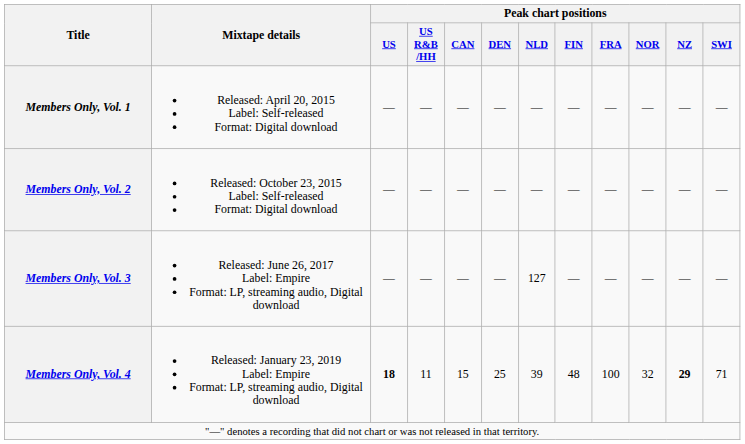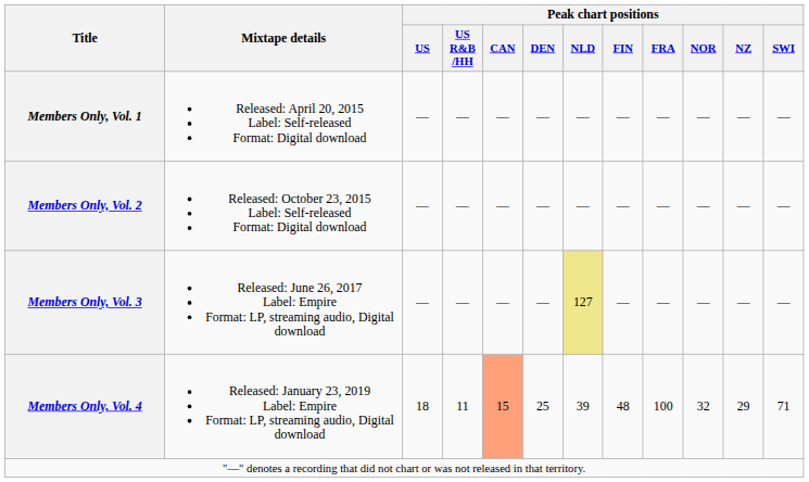 <table class="wikitable plainrowheaders" style="text-align:center;">
 <tr>
 <th scope="col" rowspan="2" style="width:12em;">Title</th>
 <th scope="col" rowspan="2" style="width:18em;">Mixtape details</th>
 <th scope="col" colspan="10">Peak chart positions</th>
 </tr>
 <tr>
 <th scope="col" style="width:3em;font-size:90%;"><a href='#'>US</a><br></th>
 <th scope="col" style="width:3em;font-size:90%;"><a href='#'>US<br>R&B<br>/HH</a><br></th>
 <th scope="col" style="width:3em;font-size:90%;"><a href='#'>CAN</a><br></th>
 <th scope="col" style="width:3em;font-size:90%;"><a href='#'>DEN</a><br></th>
 <th scope="col" style="width:3em;font-size:90%;"><a href='#'>NLD</a><br></th>
 <th scope="col" style="width:3em;font-size:90%;"><a href='#'>FIN</a><br></th>
 <th scope="col" style="width:3em;font-size:90%;"><a href='#'>FRA</a><br></th>
 <th scope="col" style="width:3em;font-size:90%;"><a href='#'>NOR</a><br></th>
 <th scope="col" style="width:3em;font-size:90%;"><a href='#'>NZ</a><br></th>
 <th scope="col" style="width:3em;font-size:90%;"><a href='#'>SWI</a><br></th>
 </tr>
 <tr>
 <th scope="row"><em>Members Only, Vol. 1</em><br></th>
 <td><br><ul><li>Released: April 20, 2015</li><li>Label: Self-released</li><li>Format: Digital download</li></ul></td>
 <td>—</td>
 <td>—</td>
 <td>—</td>
 <td>—</td>
 <td>—</td>
 <td>—</td>
 <td>—</td>
 <td>—</td>
 <td>—</td>
 <td>—</td>
 </tr>
 <tr>
 <th scope="row"><em><a href='#'>Members Only, Vol. 2</a></em><br></th>
 <td><br><ul><li>Released: October 23, 2015</li><li>Label: Self-released</li><li>Format: Digital download</li></ul></td>
 <td>—</td>
 <td>—</td>
 <td>—</td>
 <td>—</td>
 <td>—</td>
 <td>—</td>
 <td>—</td>
 <td>—</td>
 <td>—</td>
 <td>—</td>
 </tr>
 <tr>
 <th scope="row"><em><a href='#'>Members Only, Vol. 3</a></em><br></th>
 <td><br><ul><li>Released: June 26, 2017</li><li>Label: Empire</li><li>Format: LP, streaming audio, Digital download</li></ul></td>
 <td>—</td>
 <td>—</td>
 <td>—</td>
 <td>—</td>
-<td>127</td>
+<td style="background: khaki;">127</td>
 <td>—</td>
 <td>—</td>
 <td>—</td>
 <td>—</td>
 <td>—</td>
 </tr>
 <tr>
 <th scope="row"><em><a href='#'>Members Only, Vol. 4</a></em><br></th>
 <td><br><ul><li>Released: January 23, 2019</li><li>Label: Empire</li><li>Format: LP, streaming audio, Digital download</li></ul></td>
-<td><strong>18</strong></td>
+<td>18</td>
 <td>11</td>
-<td>15</td>
+<td style="background: lightsalmon;">15</td>
 <td>25</td>
 <td>39</td>
 <td>48</td>
 <td>100</td>
 <td>32</td>
-<td><strong>29</strong></td>
+<td>29</td>
 <td>71</td>
 </tr>
 <tr>
 <td colspan="12" style="font-size:90%">"—" denotes a recording that did not chart or was not released in that territory.</td>
 </tr>
 </table>
